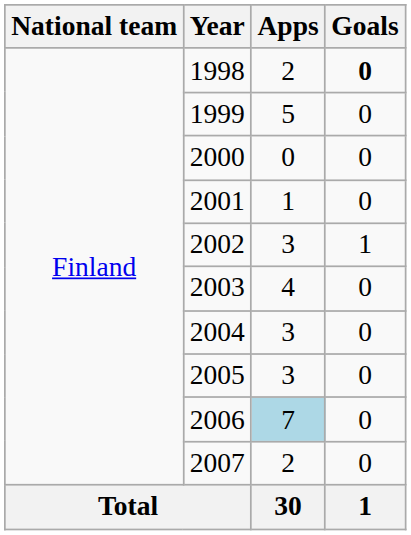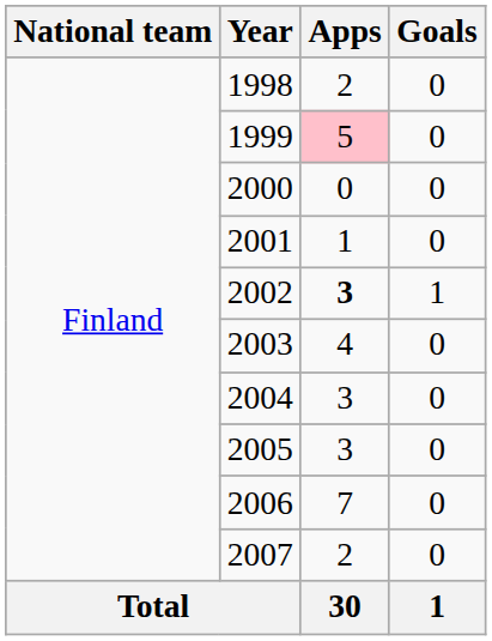 <table class="wikitable" style="text-align:center">
 <tr>
 <th>National team</th>
 <th>Year</th>
 <th>Apps</th>
 <th>Goals</th>
 </tr>
 <tr>
 <td rowspan="10"><a href='#'>Finland</a></td>
 <td>1998</td>
 <td>2</td>
-<td><strong>0</strong></td>
+<td>0</td>
 </tr>
 <tr>
 <td>1999</td>
-<td>5</td>
+<td style="background: pink;">5</td>
 <td>0</td>
 </tr>
 <tr>
 <td>2000</td>
 <td>0</td>
 <td>0</td>
 </tr>
 <tr>
 <td>2001</td>
 <td>1</td>
 <td>0</td>
 </tr>
 <tr>
 <td>2002</td>
-<td>3</td>
+<td><strong>3</strong></td>
 <td>1</td>
 </tr>
 <tr>
 <td>2003</td>
 <td>4</td>
 <td>0</td>
 </tr>
 <tr>
 <td>2004</td>
 <td>3</td>
 <td>0</td>
 </tr>
 <tr>
 <td>2005</td>
 <td>3</td>
 <td>0</td>
 </tr>
 <tr>
 <td>2006</td>
-<td style="background: lightblue;">7</td>
+<td>7</td>
 <td>0</td>
 </tr>
 <tr>
 <td>2007</td>
 <td>2</td>
 <td>0</td>
 </tr>
 <tr>
 <th colspan="2">Total</th>
 <th>30</th>
 <th>1</th>
 </tr>
 </table>
